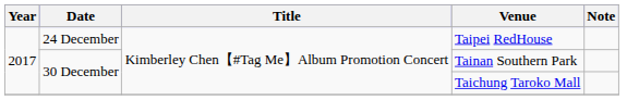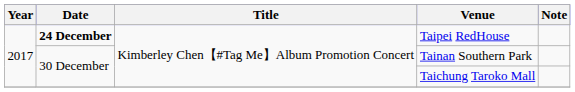 <table class="wikitable">
 <tr bgcolor="#0000ff">
 <th>Year</th>
 <th>Date</th>
 <th>Title</th>
 <th>Venue</th>
 <th>Note</th>
 </tr>
 <tr>
 <td rowspan="3">2017</td>
-<td>24 December</td>
+<td><strong>24 December</strong></td>
 <td rowspan="3">Kimberley Chen【#Tag Me】Album Promotion Concert</td>
 <td><a href='#'>Taipei</a> <a href='#'>RedHouse</a></td>
 <td></td>
 </tr>
 <tr>
 <td rowspan="2">30 December</td>
 <td><a href='#'>Tainan</a> Southern Park</td>
 <td></td>
 </tr>
 <tr>
 <td><a href='#'>Taichung</a> <a href='#'>Taroko Mall</a></td>
 <td></td>
 </tr>
 <tr>
 </tr>
 </table>
